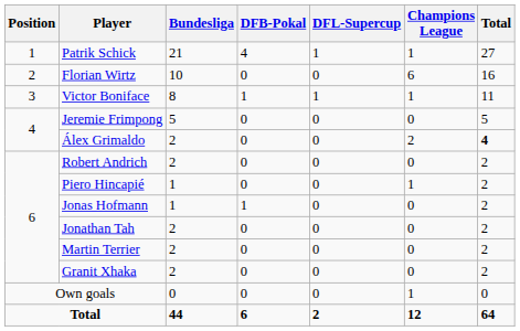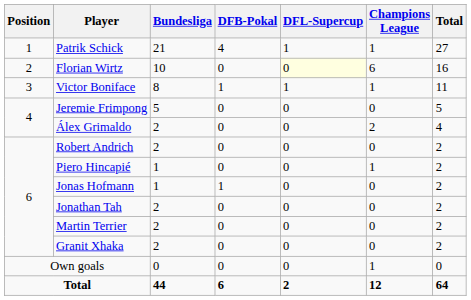 <table class="wikitable">
 <tr>
 <th>Position</th>
 <th>Player</th>
 <th><a href='#'>Bundesliga</a></th>
 <th><a href='#'>DFB-Pokal</a></th>
 <th><a href='#'>DFL-Supercup</a></th>
 <th><a href='#'>Champions<br>League</a></th>
 <th>Total</th>
 </tr>
 <tr>
 <td align=center>1</td>
 <td> <a href='#'>Patrik Schick</a></td>
 <td>21</td>
 <td>4</td>
 <td>1</td>
 <td>1</td>
 <td>27</td>
 </tr>
 <tr>
 <td align=center>2</td>
 <td> <a href='#'>Florian Wirtz</a></td>
 <td>10</td>
 <td>0</td>
-<td>0</td>
+<td style="background: lightyellow;">0</td>
 <td>6</td>
 <td>16</td>
 </tr>
 <tr>
 <td align=center>3</td>
 <td> <a href='#'>Victor Boniface</a></td>
 <td>8</td>
 <td>1</td>
 <td>1</td>
 <td>1</td>
 <td>11</td>
 </tr>
 <tr>
 <td rowspan=2 align=center>4</td>
 <td> <a href='#'>Jeremie Frimpong</a></td>
 <td>5</td>
 <td>0</td>
 <td>0</td>
 <td>0</td>
 <td>5</td>
 </tr>
 <tr>
 <td> <a href='#'>Álex Grimaldo</a></td>
 <td>2</td>
 <td>0</td>
 <td>0</td>
 <td>2</td>
-<td><strong>4</strong></td>
+<td>4</td>
 </tr>
 <tr>
 <td rowspan=6 align=center>6</td>
 <td> <a href='#'>Robert Andrich</a></td>
 <td>2</td>
 <td>0</td>
 <td>0</td>
 <td>0</td>
 <td>2</td>
 </tr>
 <tr>
 <td> <a href='#'>Piero Hincapié</a></td>
 <td>1</td>
 <td>0</td>
 <td>0</td>
 <td>1</td>
 <td>2</td>
 </tr>
 <tr>
 <td> <a href='#'>Jonas Hofmann</a></td>
 <td>1</td>
 <td>1</td>
 <td>0</td>
 <td>0</td>
 <td>2</td>
 </tr>
 <tr>
 <td> <a href='#'>Jonathan Tah</a></td>
 <td>2</td>
 <td>0</td>
 <td>0</td>
 <td>0</td>
 <td>2</td>
 </tr>
 <tr>
 <td> <a href='#'>Martin Terrier</a></td>
 <td>2</td>
 <td>0</td>
 <td>0</td>
 <td>0</td>
 <td>2</td>
 </tr>
 <tr>
 <td> <a href='#'>Granit Xhaka</a></td>
 <td>2</td>
 <td>0</td>
 <td>0</td>
 <td>0</td>
 <td>2</td>
 </tr>
 <tr>
 <td colspan=2 align=center>Own goals</td>
 <td>0</td>
 <td>0</td>
 <td>0</td>
 <td>1</td>
 <td>0</td>
 </tr>
 <tr>
 <td colspan=2 align=center><strong>Total</strong></td>
 <td><strong>44</strong></td>
 <td><strong>6</strong></td>
 <td><strong>2</strong></td>
 <td><strong>12</strong></td>
 <td><strong>64</strong></td>
 </tr>
 </table>
